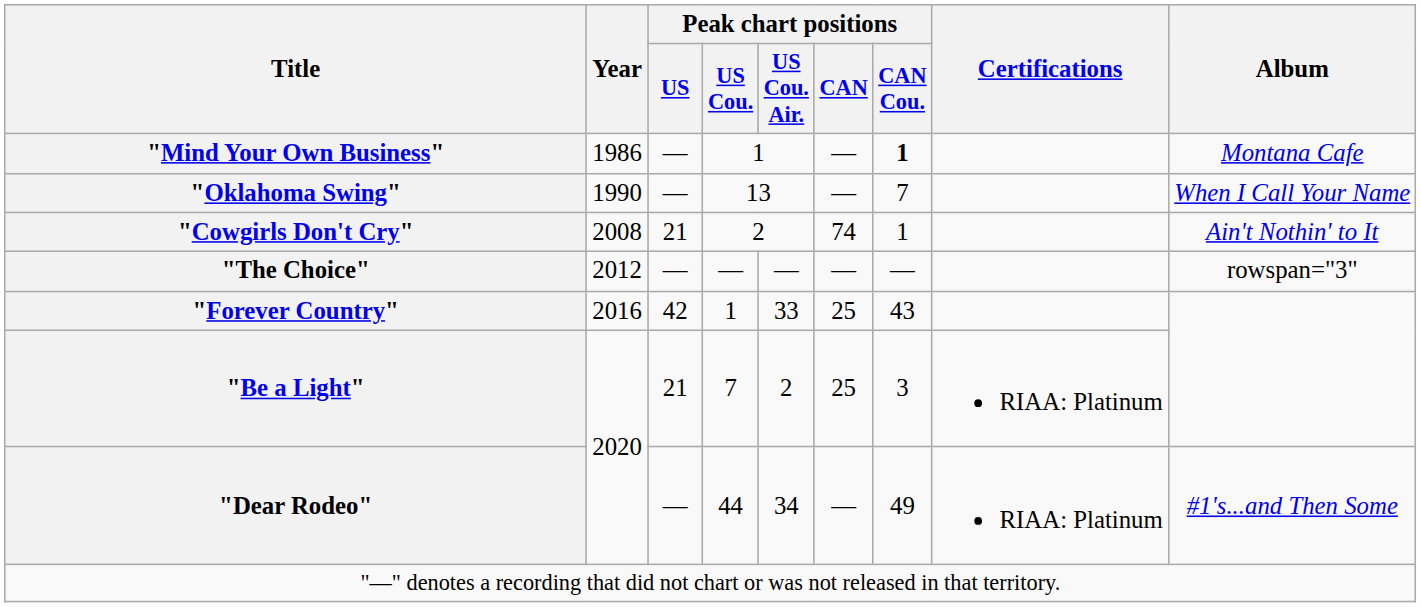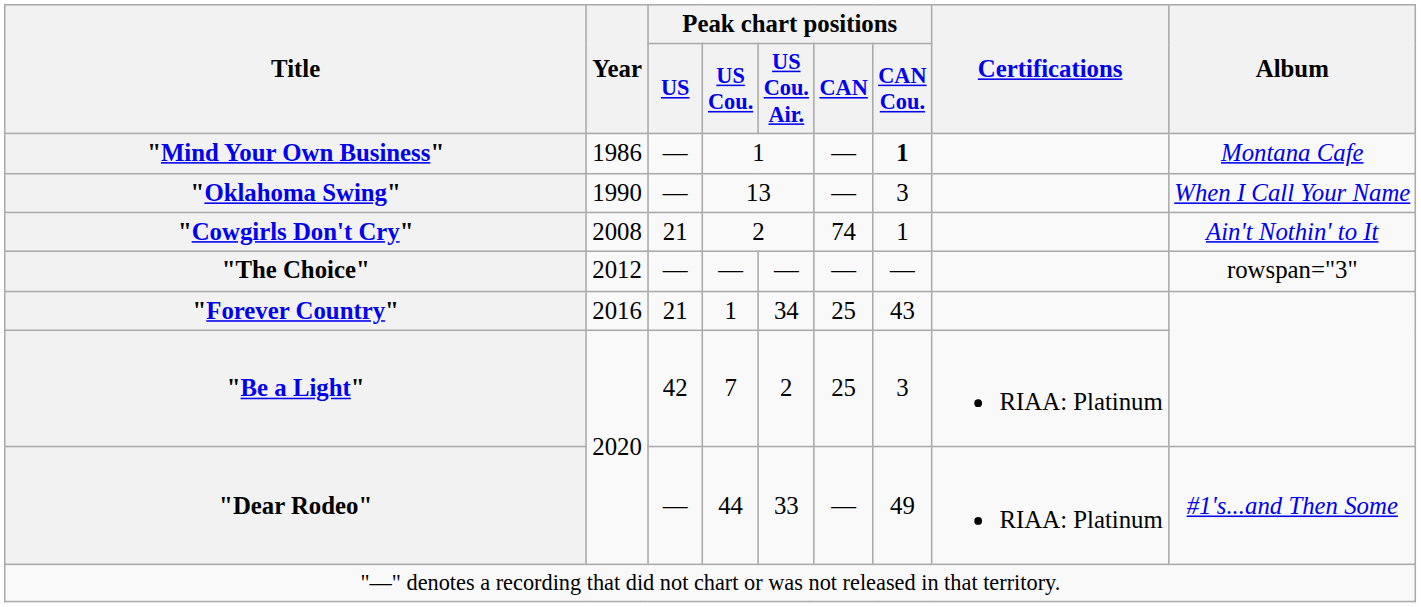 <table class="wikitable plainrowheaders" style="text-align:center;" border="1">
 <tr>
 <th scope="col" rowspan="2" style="width:23em;">Title</th>
 <th scope="col" rowspan="2">Year</th>
 <th scope="col" colspan="5">Peak chart positions</th>
 <th scope="col" rowspan="2"><a href='#'>Certifications</a></th>
 <th scope="col" rowspan="2">Album</th>
 </tr>
 <tr>
 <th scope="col" style="width:2em;font-size:90%;"><a href='#'>US</a><br></th>
 <th scope="col" style="width:2em;font-size:90%;"><a href='#'>US<br>Cou.</a><br></th>
 <th scope="col" style="width:2em;font-size:90%;"><a href='#'>US<br>Cou.<br>Air.</a><br></th>
 <th scope="col" style="width:2em;font-size:90%;"><a href='#'>CAN</a><br></th>
 <th scope="col" style="width:2em;font-size:90%;"><a href='#'>CAN<br>Cou.</a><br></th>
 </tr>
 <tr>
 <th scope="row">"<a href='#'>Mind Your Own Business</a>"<br></th>
 <td>1986</td>
 <td>—</td>
 <td colspan="2">1</td>
 <td>—</td>
 <td><strong>1</strong></td>
 <td></td>
 <td><em><a href='#'>Montana Cafe</a></em></td>
 </tr>
 <tr>
 <th scope="row">"<a href='#'>Oklahoma Swing</a>"<br></th>
 <td>1990</td>
 <td>—</td>
 <td colspan="2">13</td>
 <td>—</td>
-<td>7</td>
+<td>3</td>
 <td></td>
 <td><em><a href='#'>When I Call Your Name</a></em></td>
 </tr>
 <tr>
 <th scope="row">"<a href='#'>Cowgirls Don't Cry</a>"<br></th>
 <td>2008</td>
 <td>21</td>
 <td colspan="2">2</td>
 <td>74</td>
 <td>1</td>
 <td></td>
 <td><em><a href='#'>Ain't Nothin' to It</a></em></td>
 </tr>
 <tr>
 <th scope="row">"The Choice"<br></th>
 <td>2012</td>
 <td>—</td>
 <td>—</td>
 <td>—</td>
 <td>—</td>
 <td>—</td>
 <td></td>
 <td>rowspan="3" </td>
 </tr>
 <tr>
 <th scope="row">"<a href='#'>Forever Country</a>"<br></th>
 <td>2016</td>
-<td>42</td>
+<td>21</td>
 <td>1</td>
-<td>33</td>
+<td>34</td>
 <td>25</td>
 <td>43</td>
 <td></td>
 </tr>
 <tr>
 <th scope="row">"<a href='#'>Be a Light</a>"<br></th>
 <td rowspan="2">2020</td>
-<td>21</td>
+<td>42</td>
 <td>7</td>
 <td>2</td>
 <td>25</td>
 <td>3</td>
 <td><br><ul><li>RIAA: Platinum</li></ul></td>
 </tr>
 <tr>
 <th scope="row">"Dear Rodeo"<br></th>
 <td>—</td>
 <td>44</td>
-<td>34</td>
+<td>33</td>
 <td>—</td>
 <td>49</td>
 <td><br><ul><li>RIAA: Platinum</li></ul></td>
 <td><em><a href='#'>#1's...and Then Some</a></em></td>
 </tr>
 <tr>
 <td colspan="9" style="font-size:90%">"—" denotes a recording that did not chart or was not released in that territory.</td>
 </tr>
 </table>
